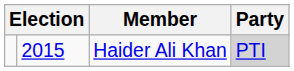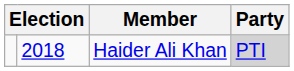 <table class="wikitable">
 <tr>
 <th colspan="2">Election</th>
 <th>Member</th>
 <th>Party</th>
 </tr>
 <tr>
 <td style="background-color: "></td>
-<td><a href='#'>2015</a></td>
+<td><a href='#'>2018</a></td>
 <td><a href='#'>Haider Ali Khan</a></td>
 <td style="background: lightgrey;"><a href='#'>PTI</a></td>
 </tr>
 </table>
